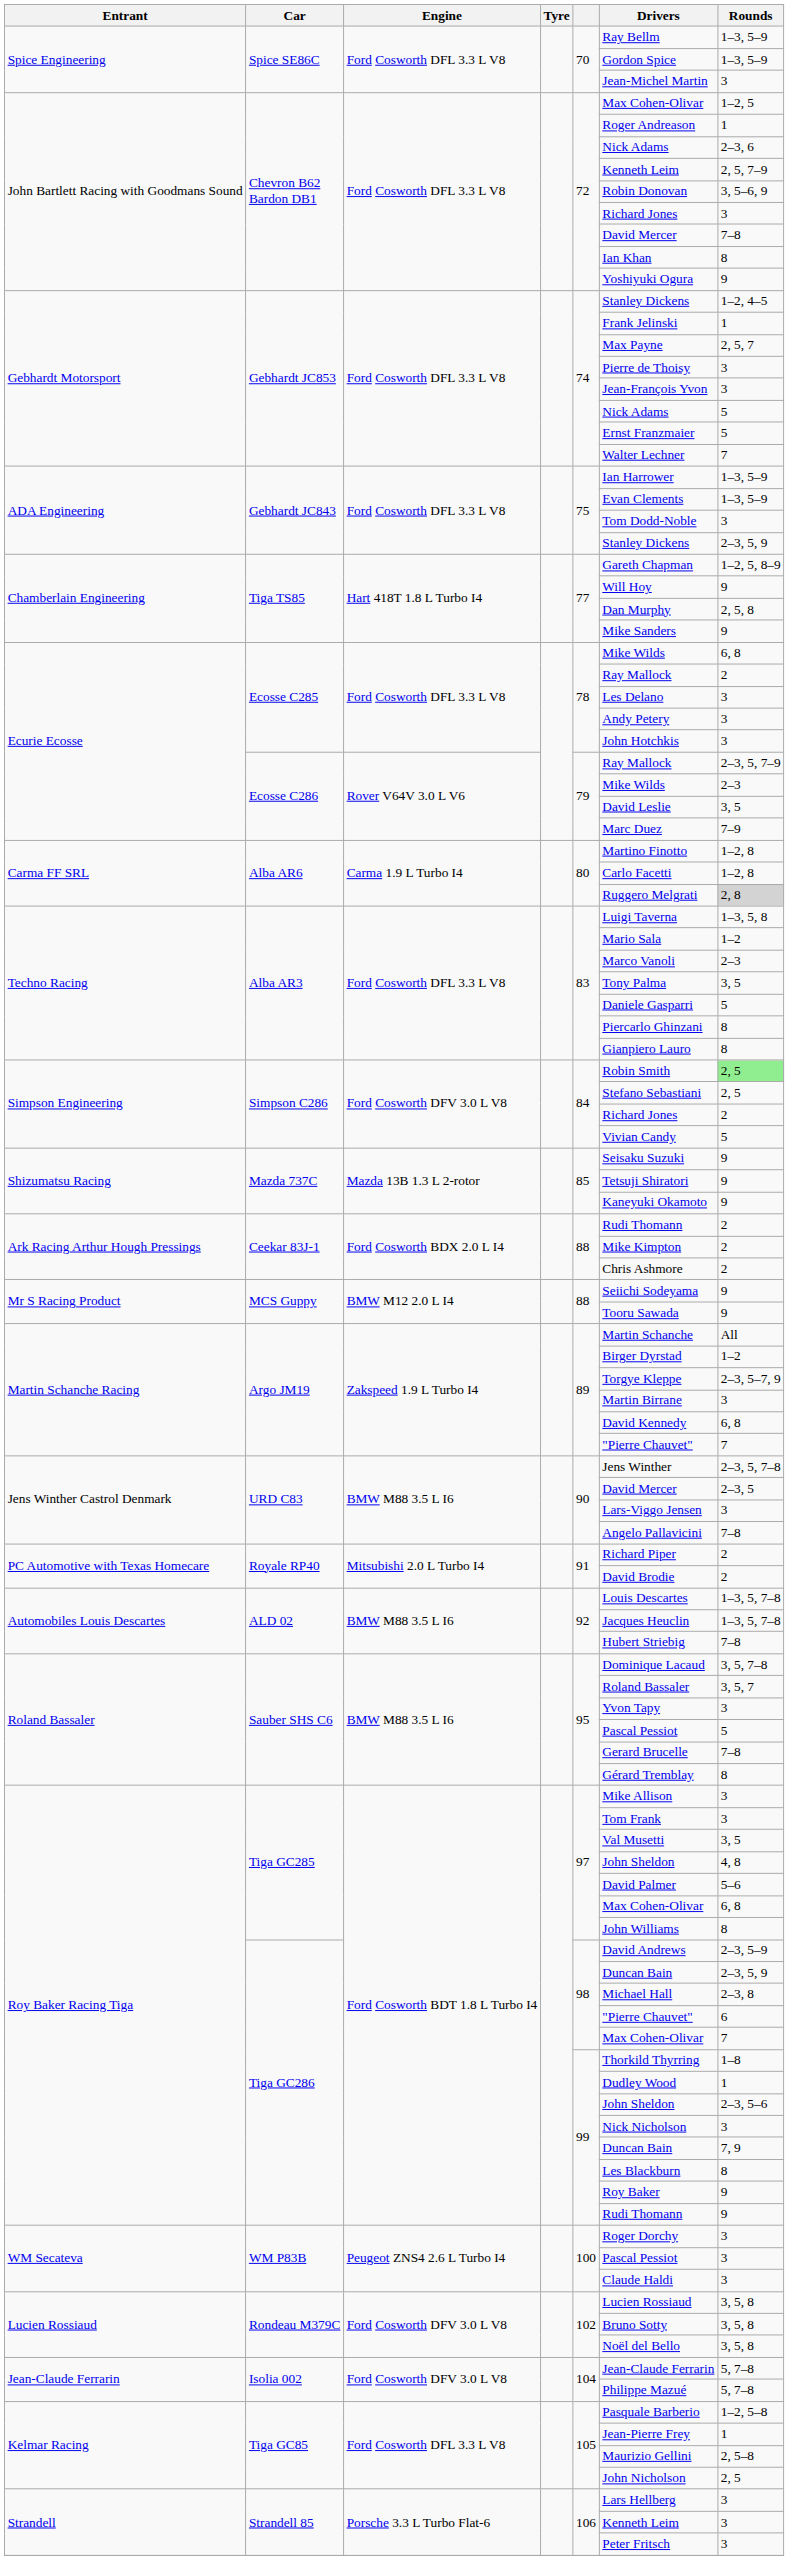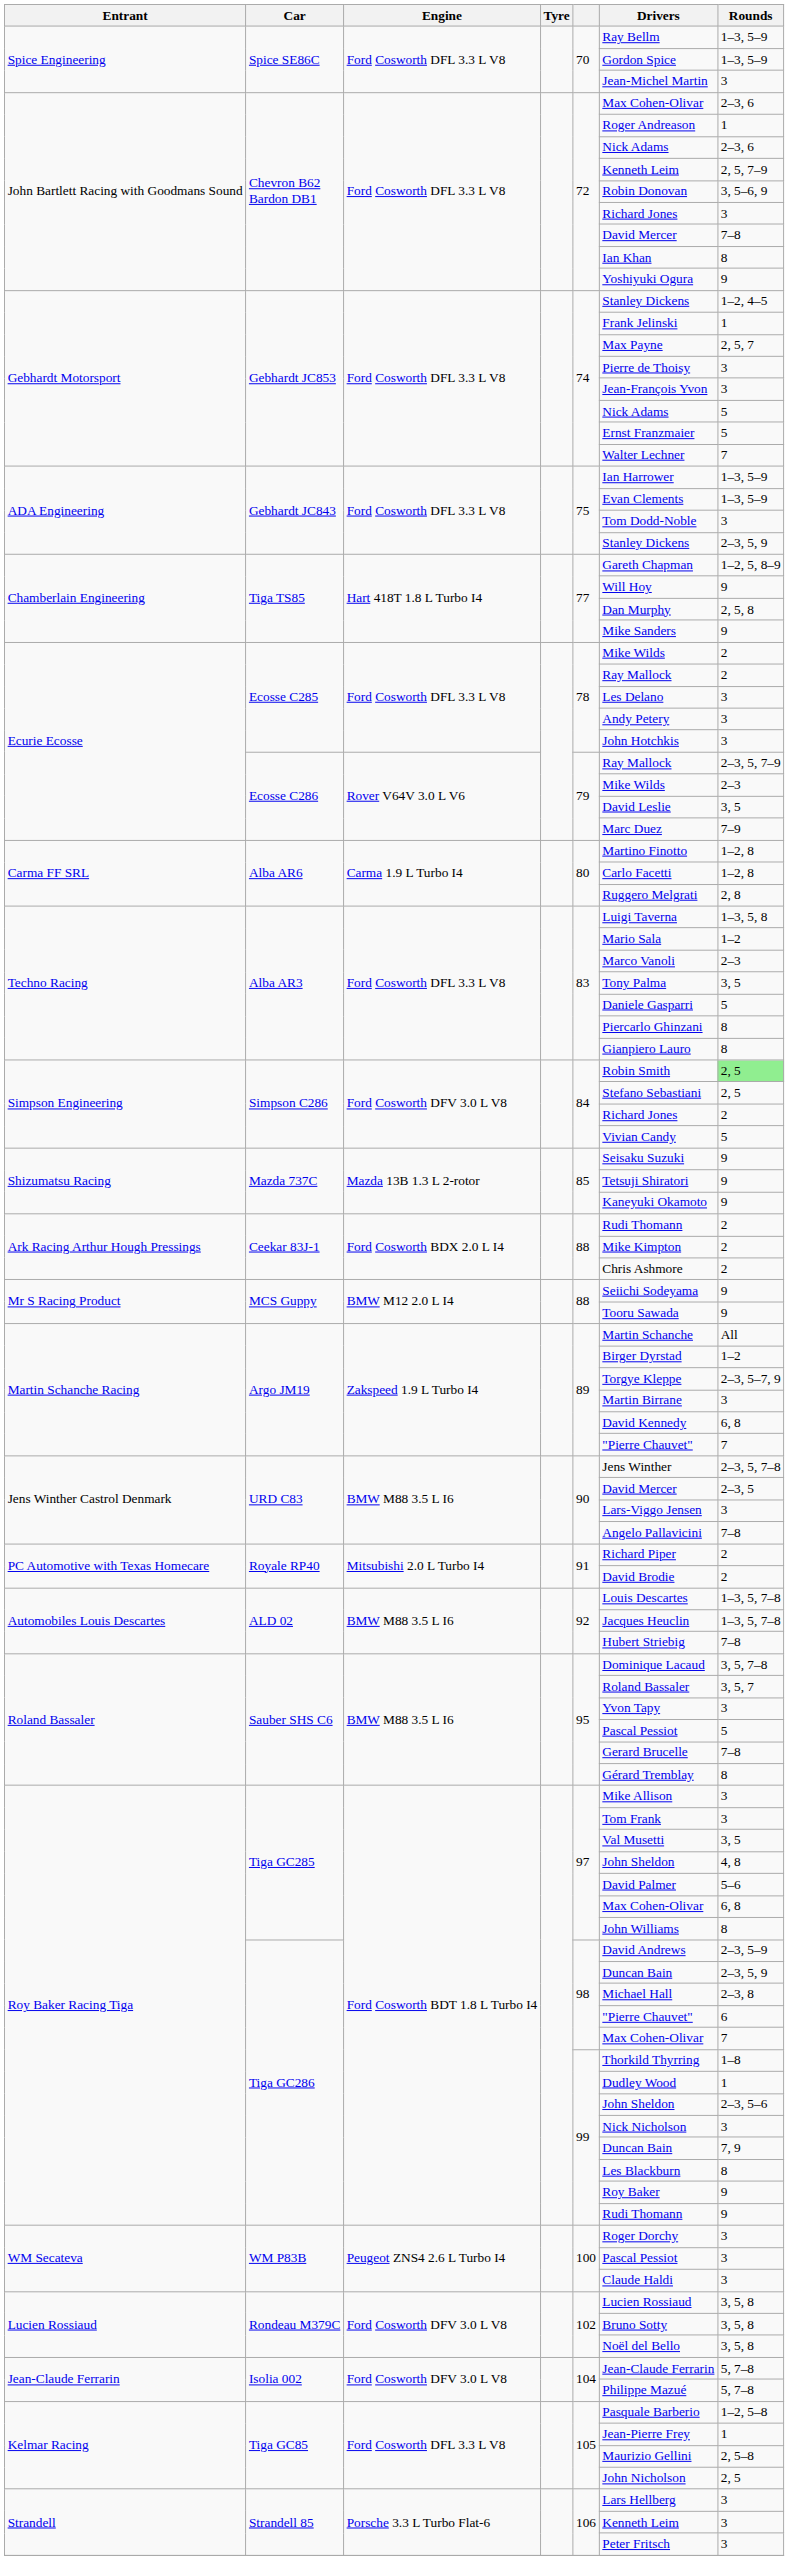 <table class="wikitable" style="font-size: 85%">
 <tr>
 <th>Entrant</th>
 <th>Car</th>
 <th>Engine</th>
 <th>Tyre</th>
 <th></th>
 <th>Drivers</th>
 <th>Rounds</th>
 </tr>
 <tr>
 <td rowspan=3> <a href='#'>Spice Engineering</a></td>
 <td rowspan=3><a href='#'>Spice SE86C</a></td>
 <td rowspan=3><a href='#'>Ford</a> <a href='#'>Cosworth</a> DFL 3.3 L V8</td>
 <td rowspan=3></td>
 <td rowspan=3>70</td>
 <td> <a href='#'>Ray Bellm</a></td>
 <td>1–3, 5–9</td>
 </tr>
 <tr>
 <td> <a href='#'>Gordon Spice</a></td>
 <td>1–3, 5–9</td>
 </tr>
 <tr>
 <td> <a href='#'>Jean-Michel Martin</a></td>
 <td>3</td>
 </tr>
 <tr>
 <td rowspan=9> John Bartlett Racing with Goodmans Sound</td>
 <td rowspan=9><a href='#'>Chevron B62</a><br><a href='#'>Bardon DB1</a></td>
 <td rowspan=9><a href='#'>Ford</a> <a href='#'>Cosworth</a> DFL 3.3 L V8</td>
 <td rowspan=9></td>
 <td rowspan=9>72</td>
 <td> <a href='#'>Max Cohen-Olivar</a></td>
-<td>1–2, 5</td>
+<td>2–3, 6</td>
 </tr>
 <tr>
 <td> <a href='#'>Roger Andreason</a></td>
 <td>1</td>
 </tr>
 <tr>
 <td> <a href='#'>Nick Adams</a></td>
 <td>2–3, 6</td>
 </tr>
 <tr>
 <td> <a href='#'>Kenneth Leim</a></td>
 <td>2, 5, 7–9</td>
 </tr>
 <tr>
 <td> <a href='#'>Robin Donovan</a></td>
 <td>3, 5–6, 9</td>
 </tr>
 <tr>
 <td> <a href='#'>Richard Jones</a></td>
 <td>3</td>
 </tr>
 <tr>
 <td> <a href='#'>David Mercer</a></td>
 <td>7–8</td>
 </tr>
 <tr>
 <td> <a href='#'>Ian Khan</a></td>
 <td>8</td>
 </tr>
 <tr>
 <td> <a href='#'>Yoshiyuki Ogura</a></td>
 <td>9</td>
 </tr>
 <tr>
 <td rowspan=8> <a href='#'>Gebhardt Motorsport</a></td>
 <td rowspan=8><a href='#'>Gebhardt JC853</a></td>
 <td rowspan=8><a href='#'>Ford</a> <a href='#'>Cosworth</a> DFL 3.3 L V8</td>
 <td rowspan=8></td>
 <td rowspan=8>74</td>
 <td> <a href='#'>Stanley Dickens</a></td>
 <td>1–2, 4–5</td>
 </tr>
 <tr>
 <td> <a href='#'>Frank Jelinski</a></td>
 <td>1</td>
 </tr>
 <tr>
 <td> <a href='#'>Max Payne</a></td>
 <td>2, 5, 7</td>
 </tr>
 <tr>
 <td> <a href='#'>Pierre de Thoisy</a></td>
 <td>3</td>
 </tr>
 <tr>
 <td> <a href='#'>Jean-François Yvon</a></td>
 <td>3</td>
 </tr>
 <tr>
 <td> <a href='#'>Nick Adams</a></td>
 <td>5</td>
 </tr>
 <tr>
 <td> <a href='#'>Ernst Franzmaier</a></td>
 <td>5</td>
 </tr>
 <tr>
 <td> <a href='#'>Walter Lechner</a></td>
 <td>7</td>
 </tr>
 <tr>
 <td rowspan=4> <a href='#'>ADA Engineering</a></td>
 <td rowspan=4><a href='#'>Gebhardt JC843</a></td>
 <td rowspan=4><a href='#'>Ford</a> <a href='#'>Cosworth</a> DFL 3.3 L V8</td>
 <td rowspan=4></td>
 <td rowspan=4>75</td>
 <td> <a href='#'>Ian Harrower</a></td>
 <td>1–3, 5–9</td>
 </tr>
 <tr>
 <td> <a href='#'>Evan Clements</a></td>
 <td>1–3, 5–9</td>
 </tr>
 <tr>
 <td> <a href='#'>Tom Dodd-Noble</a></td>
 <td>3</td>
 </tr>
 <tr>
 <td> <a href='#'>Stanley Dickens</a></td>
 <td>2–3, 5, 9</td>
 </tr>
 <tr>
 <td rowspan=4> <a href='#'>Chamberlain Engineering</a></td>
 <td rowspan=4><a href='#'>Tiga TS85</a></td>
 <td rowspan=4><a href='#'>Hart</a> 418T 1.8 L Turbo I4</td>
 <td rowspan=4></td>
 <td rowspan=4>77</td>
 <td> <a href='#'>Gareth Chapman</a></td>
 <td>1–2, 5, 8–9</td>
 </tr>
 <tr>
 <td> <a href='#'>Will Hoy</a></td>
 <td>9</td>
 </tr>
 <tr>
 <td> <a href='#'>Dan Murphy</a></td>
 <td>2, 5, 8</td>
 </tr>
 <tr>
 <td> <a href='#'>Mike Sanders</a></td>
 <td>9</td>
 </tr>
 <tr>
 <td rowspan=9> <a href='#'>Ecurie Ecosse</a></td>
 <td rowspan=5><a href='#'>Ecosse C285</a></td>
 <td rowspan=5><a href='#'>Ford</a> <a href='#'>Cosworth</a> DFL 3.3 L V8</td>
 <td rowspan=9></td>
 <td rowspan=5>78</td>
 <td> <a href='#'>Mike Wilds</a></td>
-<td>6, 8</td>
+<td>2</td>
 </tr>
 <tr>
 <td> <a href='#'>Ray Mallock</a></td>
 <td>2</td>
 </tr>
 <tr>
 <td> <a href='#'>Les Delano</a></td>
 <td>3</td>
 </tr>
 <tr>
 <td> <a href='#'>Andy Petery</a></td>
 <td>3</td>
 </tr>
 <tr>
 <td> <a href='#'>John Hotchkis</a></td>
 <td>3</td>
 </tr>
 <tr>
 <td rowspan=4><a href='#'>Ecosse C286</a></td>
 <td rowspan=4><a href='#'>Rover</a> V64V 3.0 L V6</td>
 <td rowspan=4>79</td>
 <td> <a href='#'>Ray Mallock</a></td>
 <td>2–3, 5, 7–9</td>
 </tr>
 <tr>
 <td> <a href='#'>Mike Wilds</a></td>
 <td>2–3</td>
 </tr>
 <tr>
 <td> <a href='#'>David Leslie</a></td>
 <td>3, 5</td>
 </tr>
 <tr>
 <td> <a href='#'>Marc Duez</a></td>
 <td>7–9</td>
 </tr>
 <tr>
 <td rowspan=3> <a href='#'>Carma FF SRL</a></td>
 <td rowspan=3><a href='#'>Alba AR6</a></td>
 <td rowspan=3><a href='#'>Carma</a> 1.9 L Turbo I4</td>
 <td rowspan=3></td>
 <td rowspan=3>80</td>
 <td> <a href='#'>Martino Finotto</a></td>
 <td>1–2, 8</td>
 </tr>
 <tr>
 <td> <a href='#'>Carlo Facetti</a></td>
 <td>1–2, 8</td>
 </tr>
 <tr>
 <td> <a href='#'>Ruggero Melgrati</a></td>
-<td style="background: lightgrey;">2, 8</td>
+<td>2, 8</td>
 </tr>
 <tr>
 <td rowspan=7> <a href='#'>Techno Racing</a></td>
 <td rowspan=7><a href='#'>Alba AR3</a></td>
 <td rowspan=7><a href='#'>Ford</a> <a href='#'>Cosworth</a> DFL 3.3 L V8</td>
 <td rowspan=7></td>
 <td rowspan=7>83</td>
 <td> <a href='#'>Luigi Taverna</a></td>
 <td>1–3, 5, 8</td>
 </tr>
 <tr>
 <td> <a href='#'>Mario Sala</a></td>
 <td>1–2</td>
 </tr>
 <tr>
 <td> <a href='#'>Marco Vanoli</a></td>
 <td>2–3</td>
 </tr>
 <tr>
 <td> <a href='#'>Tony Palma</a></td>
 <td>3, 5</td>
 </tr>
 <tr>
 <td> <a href='#'>Daniele Gasparri</a></td>
 <td>5</td>
 </tr>
 <tr>
 <td> <a href='#'>Piercarlo Ghinzani</a></td>
 <td>8</td>
 </tr>
 <tr>
 <td> <a href='#'>Gianpiero Lauro</a></td>
 <td>8</td>
 </tr>
 <tr>
 <td rowspan=4> <a href='#'>Simpson Engineering</a></td>
 <td rowspan=4><a href='#'>Simpson C286</a></td>
 <td rowspan=4><a href='#'>Ford</a> <a href='#'>Cosworth</a> DFV 3.0 L V8</td>
 <td rowspan=4></td>
 <td rowspan=4>84</td>
 <td> <a href='#'>Robin Smith</a></td>
 <td style="background: lightgreen;">2, 5</td>
 </tr>
 <tr>
 <td> <a href='#'>Stefano Sebastiani</a></td>
 <td>2, 5</td>
 </tr>
 <tr>
 <td> <a href='#'>Richard Jones</a></td>
 <td>2</td>
 </tr>
 <tr>
 <td> <a href='#'>Vivian Candy</a></td>
 <td>5</td>
 </tr>
 <tr>
 <td rowspan=3> <a href='#'>Shizumatsu Racing</a></td>
 <td rowspan=3><a href='#'>Mazda 737C</a></td>
 <td rowspan=3><a href='#'>Mazda</a> 13B 1.3 L 2-rotor</td>
 <td rowspan=3></td>
 <td rowspan=3>85</td>
 <td> <a href='#'>Seisaku Suzuki</a></td>
 <td>9</td>
 </tr>
 <tr>
 <td> <a href='#'>Tetsuji Shiratori</a></td>
 <td>9</td>
 </tr>
 <tr>
 <td> <a href='#'>Kaneyuki Okamoto</a></td>
 <td>9</td>
 </tr>
 <tr>
 <td rowspan=3> <a href='#'>Ark Racing Arthur Hough Pressings</a></td>
 <td rowspan=3><a href='#'>Ceekar 83J-1</a></td>
 <td rowspan=3><a href='#'>Ford</a> <a href='#'>Cosworth</a> BDX 2.0 L I4</td>
 <td rowspan=3></td>
 <td rowspan=3>88</td>
 <td> <a href='#'>Rudi Thomann</a></td>
 <td>2</td>
 </tr>
 <tr>
 <td> <a href='#'>Mike Kimpton</a></td>
 <td>2</td>
 </tr>
 <tr>
 <td> Chris Ashmore</td>
 <td>2</td>
 </tr>
 <tr>
 <td rowspan=2> <a href='#'>Mr S Racing Product</a></td>
 <td rowspan=2><a href='#'>MCS Guppy</a></td>
 <td rowspan=2><a href='#'>BMW</a> M12 2.0 L I4</td>
 <td rowspan=2></td>
 <td rowspan=2>88</td>
 <td> <a href='#'>Seiichi Sodeyama</a></td>
 <td>9</td>
 </tr>
 <tr>
 <td> <a href='#'>Tooru Sawada</a></td>
 <td>9</td>
 </tr>
 <tr>
 <td rowspan=6> <a href='#'>Martin Schanche Racing</a></td>
 <td rowspan=6><a href='#'>Argo JM19</a></td>
 <td rowspan=6><a href='#'>Zakspeed</a> 1.9 L Turbo I4</td>
 <td rowspan=6></td>
 <td rowspan=6>89</td>
 <td> <a href='#'>Martin Schanche</a></td>
 <td>All</td>
 </tr>
 <tr>
 <td> <a href='#'>Birger Dyrstad</a></td>
 <td>1–2</td>
 </tr>
 <tr>
 <td> <a href='#'>Torgye Kleppe</a></td>
 <td>2–3, 5–7, 9</td>
 </tr>
 <tr>
 <td> <a href='#'>Martin Birrane</a></td>
 <td>3</td>
 </tr>
 <tr>
 <td> <a href='#'>David Kennedy</a></td>
 <td>6, 8</td>
 </tr>
 <tr>
 <td> <a href='#'>"Pierre Chauvet"</a></td>
 <td>7</td>
 </tr>
 <tr>
 <td rowspan=4> Jens Winther Castrol Denmark</td>
 <td rowspan=4><a href='#'>URD C83</a></td>
 <td rowspan=4><a href='#'>BMW</a> M88 3.5 L I6</td>
 <td rowspan=4></td>
 <td rowspan=4>90</td>
 <td> Jens Winther</td>
 <td>2–3, 5, 7–8</td>
 </tr>
 <tr>
 <td> <a href='#'>David Mercer</a></td>
 <td>2–3, 5</td>
 </tr>
 <tr>
 <td> <a href='#'>Lars-Viggo Jensen</a></td>
 <td>3</td>
 </tr>
 <tr>
 <td> <a href='#'>Angelo Pallavicini</a></td>
 <td>7–8</td>
 </tr>
 <tr>
 <td rowspan=2> <a href='#'>PC Automotive with Texas Homecare</a></td>
 <td rowspan=2><a href='#'>Royale RP40</a></td>
 <td rowspan=2><a href='#'>Mitsubishi</a> 2.0 L Turbo I4</td>
 <td rowspan=2></td>
 <td rowspan=2>91</td>
 <td> <a href='#'>Richard Piper</a></td>
 <td>2</td>
 </tr>
 <tr>
 <td> <a href='#'>David Brodie</a></td>
 <td>2</td>
 </tr>
 <tr>
 <td rowspan=3> <a href='#'>Automobiles Louis Descartes</a></td>
 <td rowspan=3><a href='#'>ALD 02</a></td>
 <td rowspan=3><a href='#'>BMW</a> M88 3.5 L I6</td>
 <td rowspan=3></td>
 <td rowspan=3>92</td>
 <td> <a href='#'>Louis Descartes</a></td>
 <td>1–3, 5, 7–8</td>
 </tr>
 <tr>
 <td> <a href='#'>Jacques Heuclin</a></td>
 <td>1–3, 5, 7–8</td>
 </tr>
 <tr>
 <td> <a href='#'>Hubert Striebig</a></td>
 <td>7–8</td>
 </tr>
 <tr>
 <td rowspan=6> <a href='#'>Roland Bassaler</a></td>
 <td rowspan=6><a href='#'>Sauber SHS C6</a></td>
 <td rowspan=6><a href='#'>BMW</a> M88 3.5 L I6</td>
 <td rowspan=6></td>
 <td rowspan=6>95</td>
 <td> <a href='#'>Dominique Lacaud</a></td>
 <td>3, 5, 7–8</td>
 </tr>
 <tr>
 <td> <a href='#'>Roland Bassaler</a></td>
 <td>3, 5, 7</td>
 </tr>
 <tr>
 <td> <a href='#'>Yvon Tapy</a></td>
 <td>3</td>
 </tr>
 <tr>
 <td> <a href='#'>Pascal Pessiot</a></td>
 <td>5</td>
 </tr>
 <tr>
 <td> <a href='#'>Gerard Brucelle</a></td>
 <td>7–8</td>
 </tr>
 <tr>
 <td> <a href='#'>Gérard Tremblay</a></td>
 <td>8</td>
 </tr>
 <tr>
 <td rowspan=20> <a href='#'>Roy Baker Racing Tiga</a></td>
 <td rowspan=7><a href='#'>Tiga GC285</a></td>
 <td rowspan=20><a href='#'>Ford</a> <a href='#'>Cosworth</a> BDT 1.8 L Turbo I4</td>
 <td rowspan=20></td>
 <td rowspan=7>97</td>
 <td> <a href='#'>Mike Allison</a></td>
 <td>3</td>
 </tr>
 <tr>
 <td> <a href='#'>Tom Frank</a></td>
 <td>3</td>
 </tr>
 <tr>
 <td> <a href='#'>Val Musetti</a></td>
 <td>3, 5</td>
 </tr>
 <tr>
 <td> <a href='#'>John Sheldon</a></td>
 <td>4, 8</td>
 </tr>
 <tr>
 <td> <a href='#'>David Palmer</a></td>
 <td>5–6</td>
 </tr>
 <tr>
 <td> <a href='#'>Max Cohen-Olivar</a></td>
 <td>6, 8</td>
 </tr>
 <tr>
 <td> <a href='#'>John Williams</a></td>
 <td>8</td>
 </tr>
 <tr>
 <td rowspan=13><a href='#'>Tiga GC286</a></td>
 <td rowspan=5>98</td>
 <td> <a href='#'>David Andrews</a></td>
 <td>2–3, 5–9</td>
 </tr>
 <tr>
 <td> <a href='#'>Duncan Bain</a></td>
 <td>2–3, 5, 9</td>
 </tr>
 <tr>
 <td> <a href='#'>Michael Hall</a></td>
 <td>2–3, 8</td>
 </tr>
 <tr>
 <td> <a href='#'>"Pierre Chauvet"</a></td>
 <td>6</td>
 </tr>
 <tr>
 <td> <a href='#'>Max Cohen-Olivar</a></td>
 <td>7</td>
 </tr>
 <tr>
 <td rowspan=8>99</td>
 <td> <a href='#'>Thorkild Thyrring</a></td>
 <td>1–8</td>
 </tr>
 <tr>
 <td> <a href='#'>Dudley Wood</a></td>
 <td>1</td>
 </tr>
 <tr>
 <td> <a href='#'>John Sheldon</a></td>
 <td>2–3, 5–6</td>
 </tr>
 <tr>
 <td> <a href='#'>Nick Nicholson</a></td>
 <td>3</td>
 </tr>
 <tr>
 <td> <a href='#'>Duncan Bain</a></td>
 <td>7, 9</td>
 </tr>
 <tr>
 <td> <a href='#'>Les Blackburn</a></td>
 <td>8</td>
 </tr>
 <tr>
 <td> <a href='#'>Roy Baker</a></td>
 <td>9</td>
 </tr>
 <tr>
 <td> <a href='#'>Rudi Thomann</a></td>
 <td>9</td>
 </tr>
 <tr>
 <td rowspan=3> <a href='#'>WM Secateva</a></td>
 <td rowspan=3><a href='#'>WM P83B</a></td>
 <td rowspan=3><a href='#'>Peugeot</a> ZNS4 2.6 L Turbo I4</td>
 <td rowspan=3></td>
 <td rowspan=3>100</td>
 <td> <a href='#'>Roger Dorchy</a></td>
 <td>3</td>
 </tr>
 <tr>
 <td> <a href='#'>Pascal Pessiot</a></td>
 <td>3</td>
 </tr>
 <tr>
 <td> <a href='#'>Claude Haldi</a></td>
 <td>3</td>
 </tr>
 <tr>
 <td rowspan=3> <a href='#'>Lucien Rossiaud</a></td>
 <td rowspan=3><a href='#'>Rondeau M379C</a></td>
 <td rowspan=3><a href='#'>Ford</a> <a href='#'>Cosworth</a> DFV 3.0 L V8</td>
 <td rowspan=3></td>
 <td rowspan=3>102</td>
 <td> <a href='#'>Lucien Rossiaud</a></td>
 <td>3, 5, 8</td>
 </tr>
 <tr>
 <td> <a href='#'>Bruno Sotty</a></td>
 <td>3, 5, 8</td>
 </tr>
 <tr>
 <td> <a href='#'>Noël del Bello</a></td>
 <td>3, 5, 8</td>
 </tr>
 <tr>
 <td rowspan=2> <a href='#'>Jean-Claude Ferrarin</a></td>
 <td rowspan=2><a href='#'>Isolia 002</a></td>
 <td rowspan=2><a href='#'>Ford</a> <a href='#'>Cosworth</a> DFV 3.0 L V8</td>
 <td rowspan=2></td>
 <td rowspan=2>104</td>
 <td> <a href='#'>Jean-Claude Ferrarin</a></td>
 <td>5, 7–8</td>
 </tr>
 <tr>
 <td> <a href='#'>Philippe Mazué</a></td>
 <td>5, 7–8</td>
 </tr>
 <tr>
 <td rowspan=4> <a href='#'>Kelmar Racing</a></td>
 <td rowspan=4><a href='#'>Tiga GC85</a></td>
 <td rowspan=4><a href='#'>Ford</a> <a href='#'>Cosworth</a> DFL 3.3 L V8</td>
 <td rowspan=4></td>
 <td rowspan=4>105</td>
 <td> <a href='#'>Pasquale Barberio</a></td>
 <td>1–2, 5–8</td>
 </tr>
 <tr>
 <td> <a href='#'>Jean-Pierre Frey</a></td>
 <td>1</td>
 </tr>
 <tr>
 <td> <a href='#'>Maurizio Gellini</a></td>
 <td>2, 5–8</td>
 </tr>
 <tr>
 <td> <a href='#'>John Nicholson</a></td>
 <td>2, 5</td>
 </tr>
 <tr>
 <td rowspan=3> <a href='#'>Strandell</a></td>
 <td rowspan=3><a href='#'>Strandell 85</a></td>
 <td rowspan=3><a href='#'>Porsche</a> 3.3 L Turbo Flat-6</td>
 <td rowspan=3></td>
 <td rowspan=3>106</td>
 <td> <a href='#'>Lars Hellberg</a></td>
 <td>3</td>
 </tr>
 <tr>
 <td> <a href='#'>Kenneth Leim</a></td>
 <td>3</td>
 </tr>
 <tr>
 <td> <a href='#'>Peter Fritsch</a></td>
 <td>3</td>
 </tr>
 <tr>
 </tr>
 </table>
